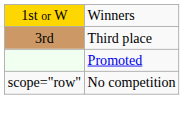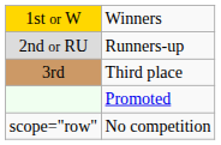 <table class="wikitable" text-align:center">
 <tr>
 <td scope="row" bgcolor=gold align="center">1st <small>or</small> W</td>
 <td>Winners</td>
+</tr>
+<tr>
+<td scope="row" bgcolor=#DCDCDC align="center">2nd <small>or</small> RU</td>
+<td>Runners-up</td>
 </tr>
 <tr>
 <td scope="row" bgcolor=#CC9966 align="center">3rd</td>
 <td>Third place</td>
 </tr>
 <tr>
 <td scope="row" bgcolor=#F0FFF0 align="center"></td>
 <td><a href='#'>Promoted</a></td>
 </tr>
 <tr>
 <td>scope="row" </td>
 <td>No competition</td>
 </tr>
 </table>
